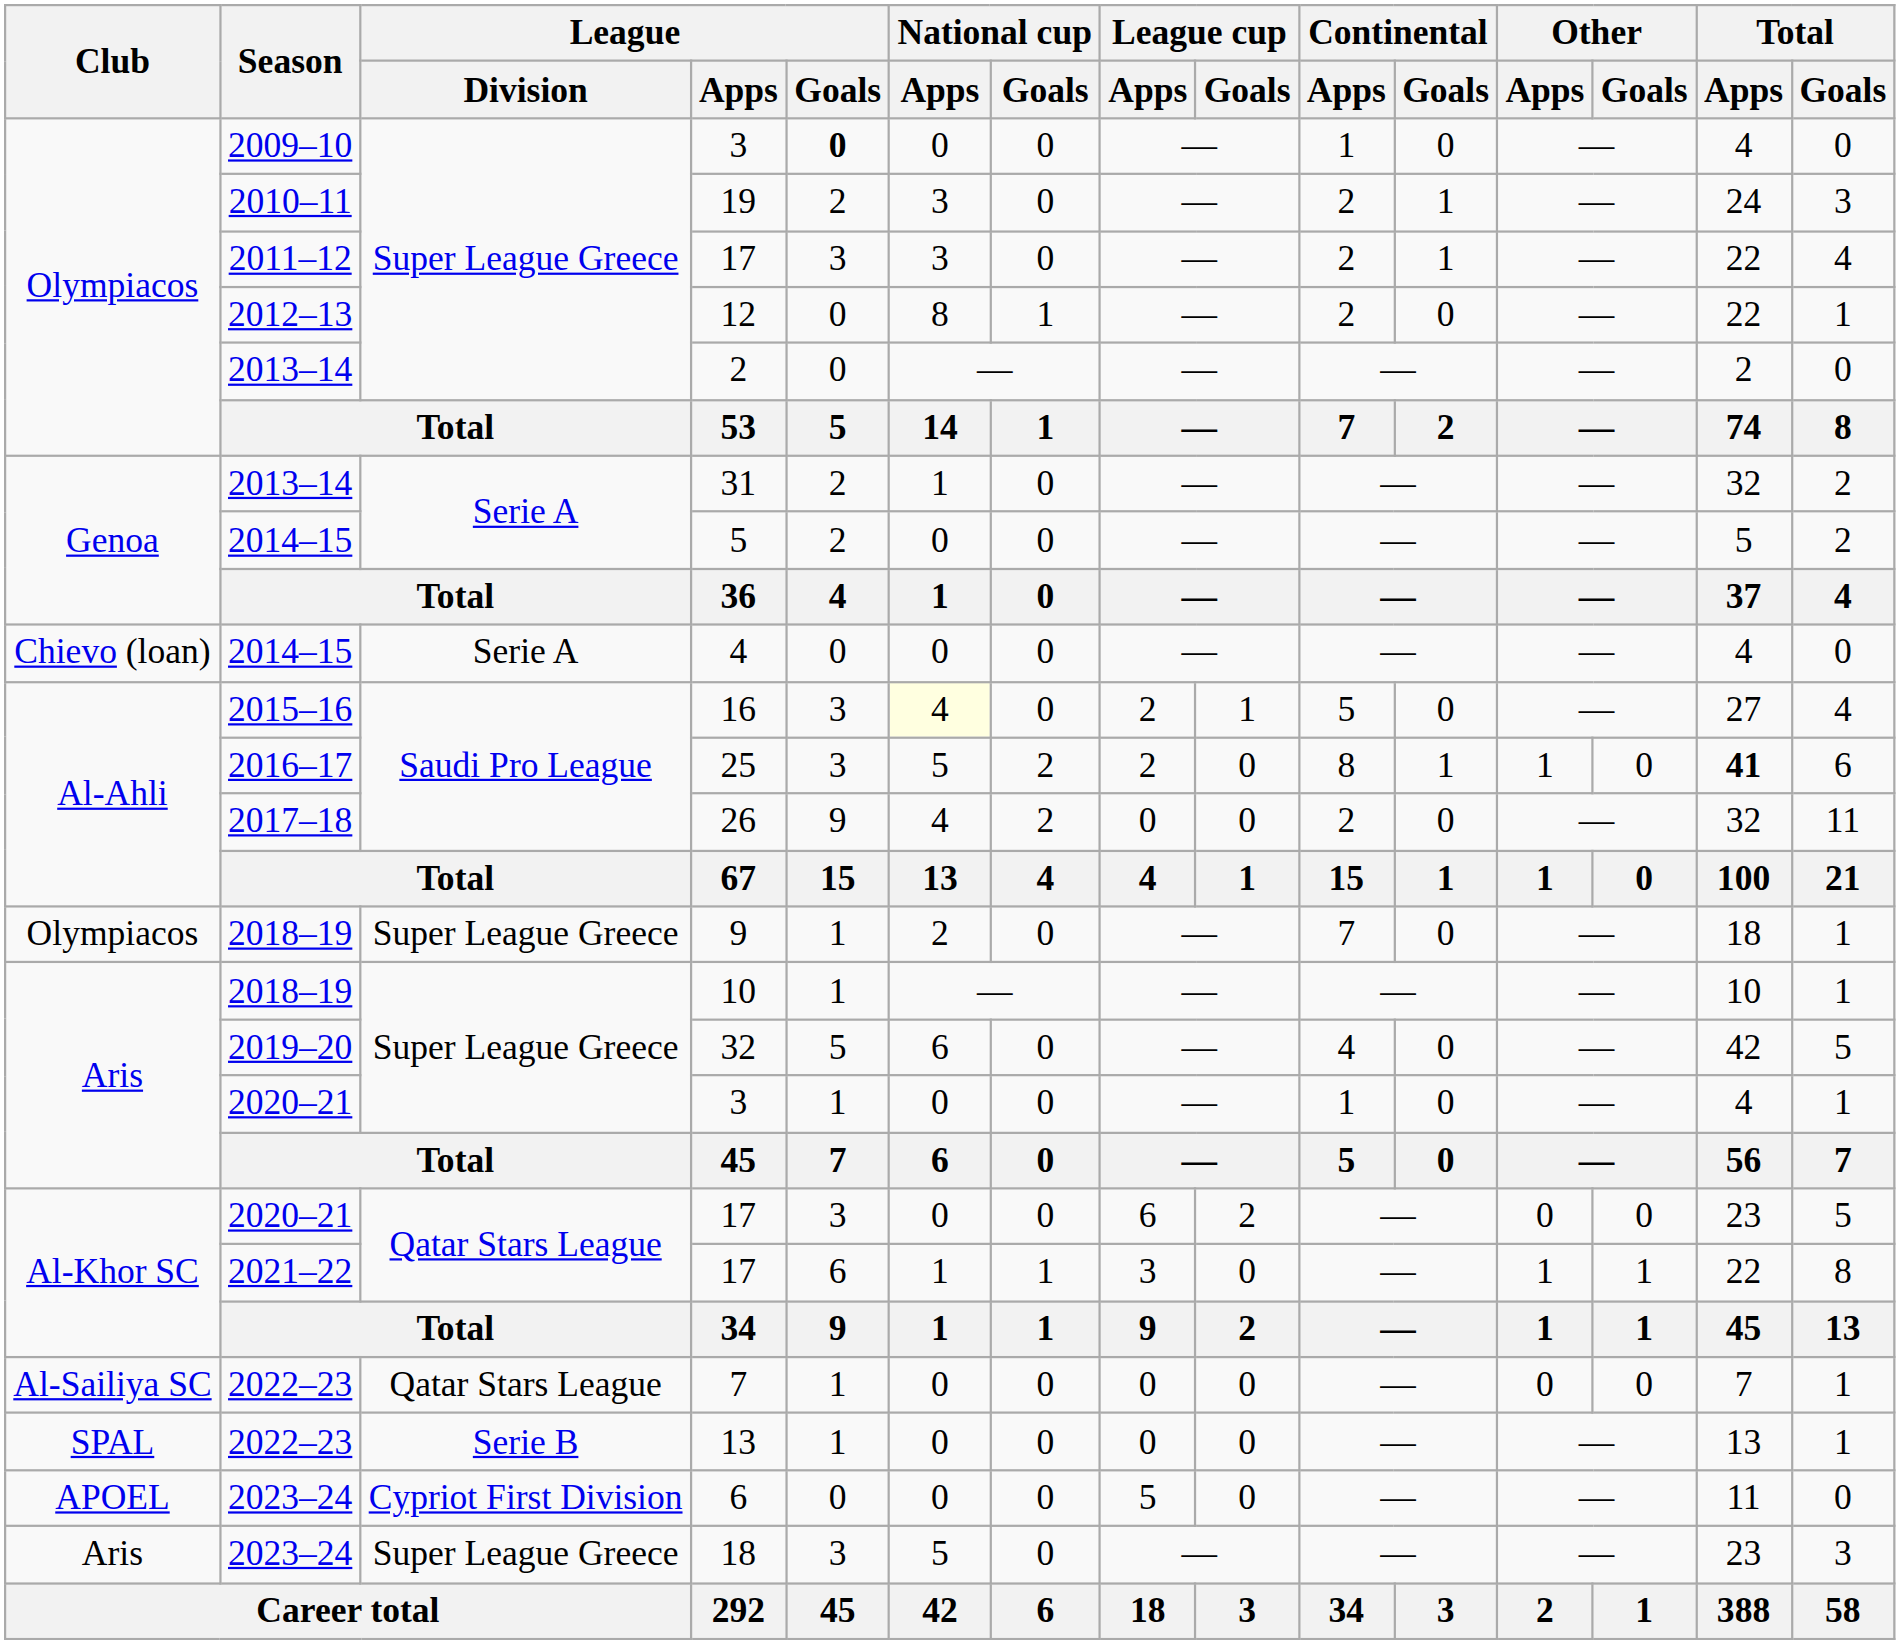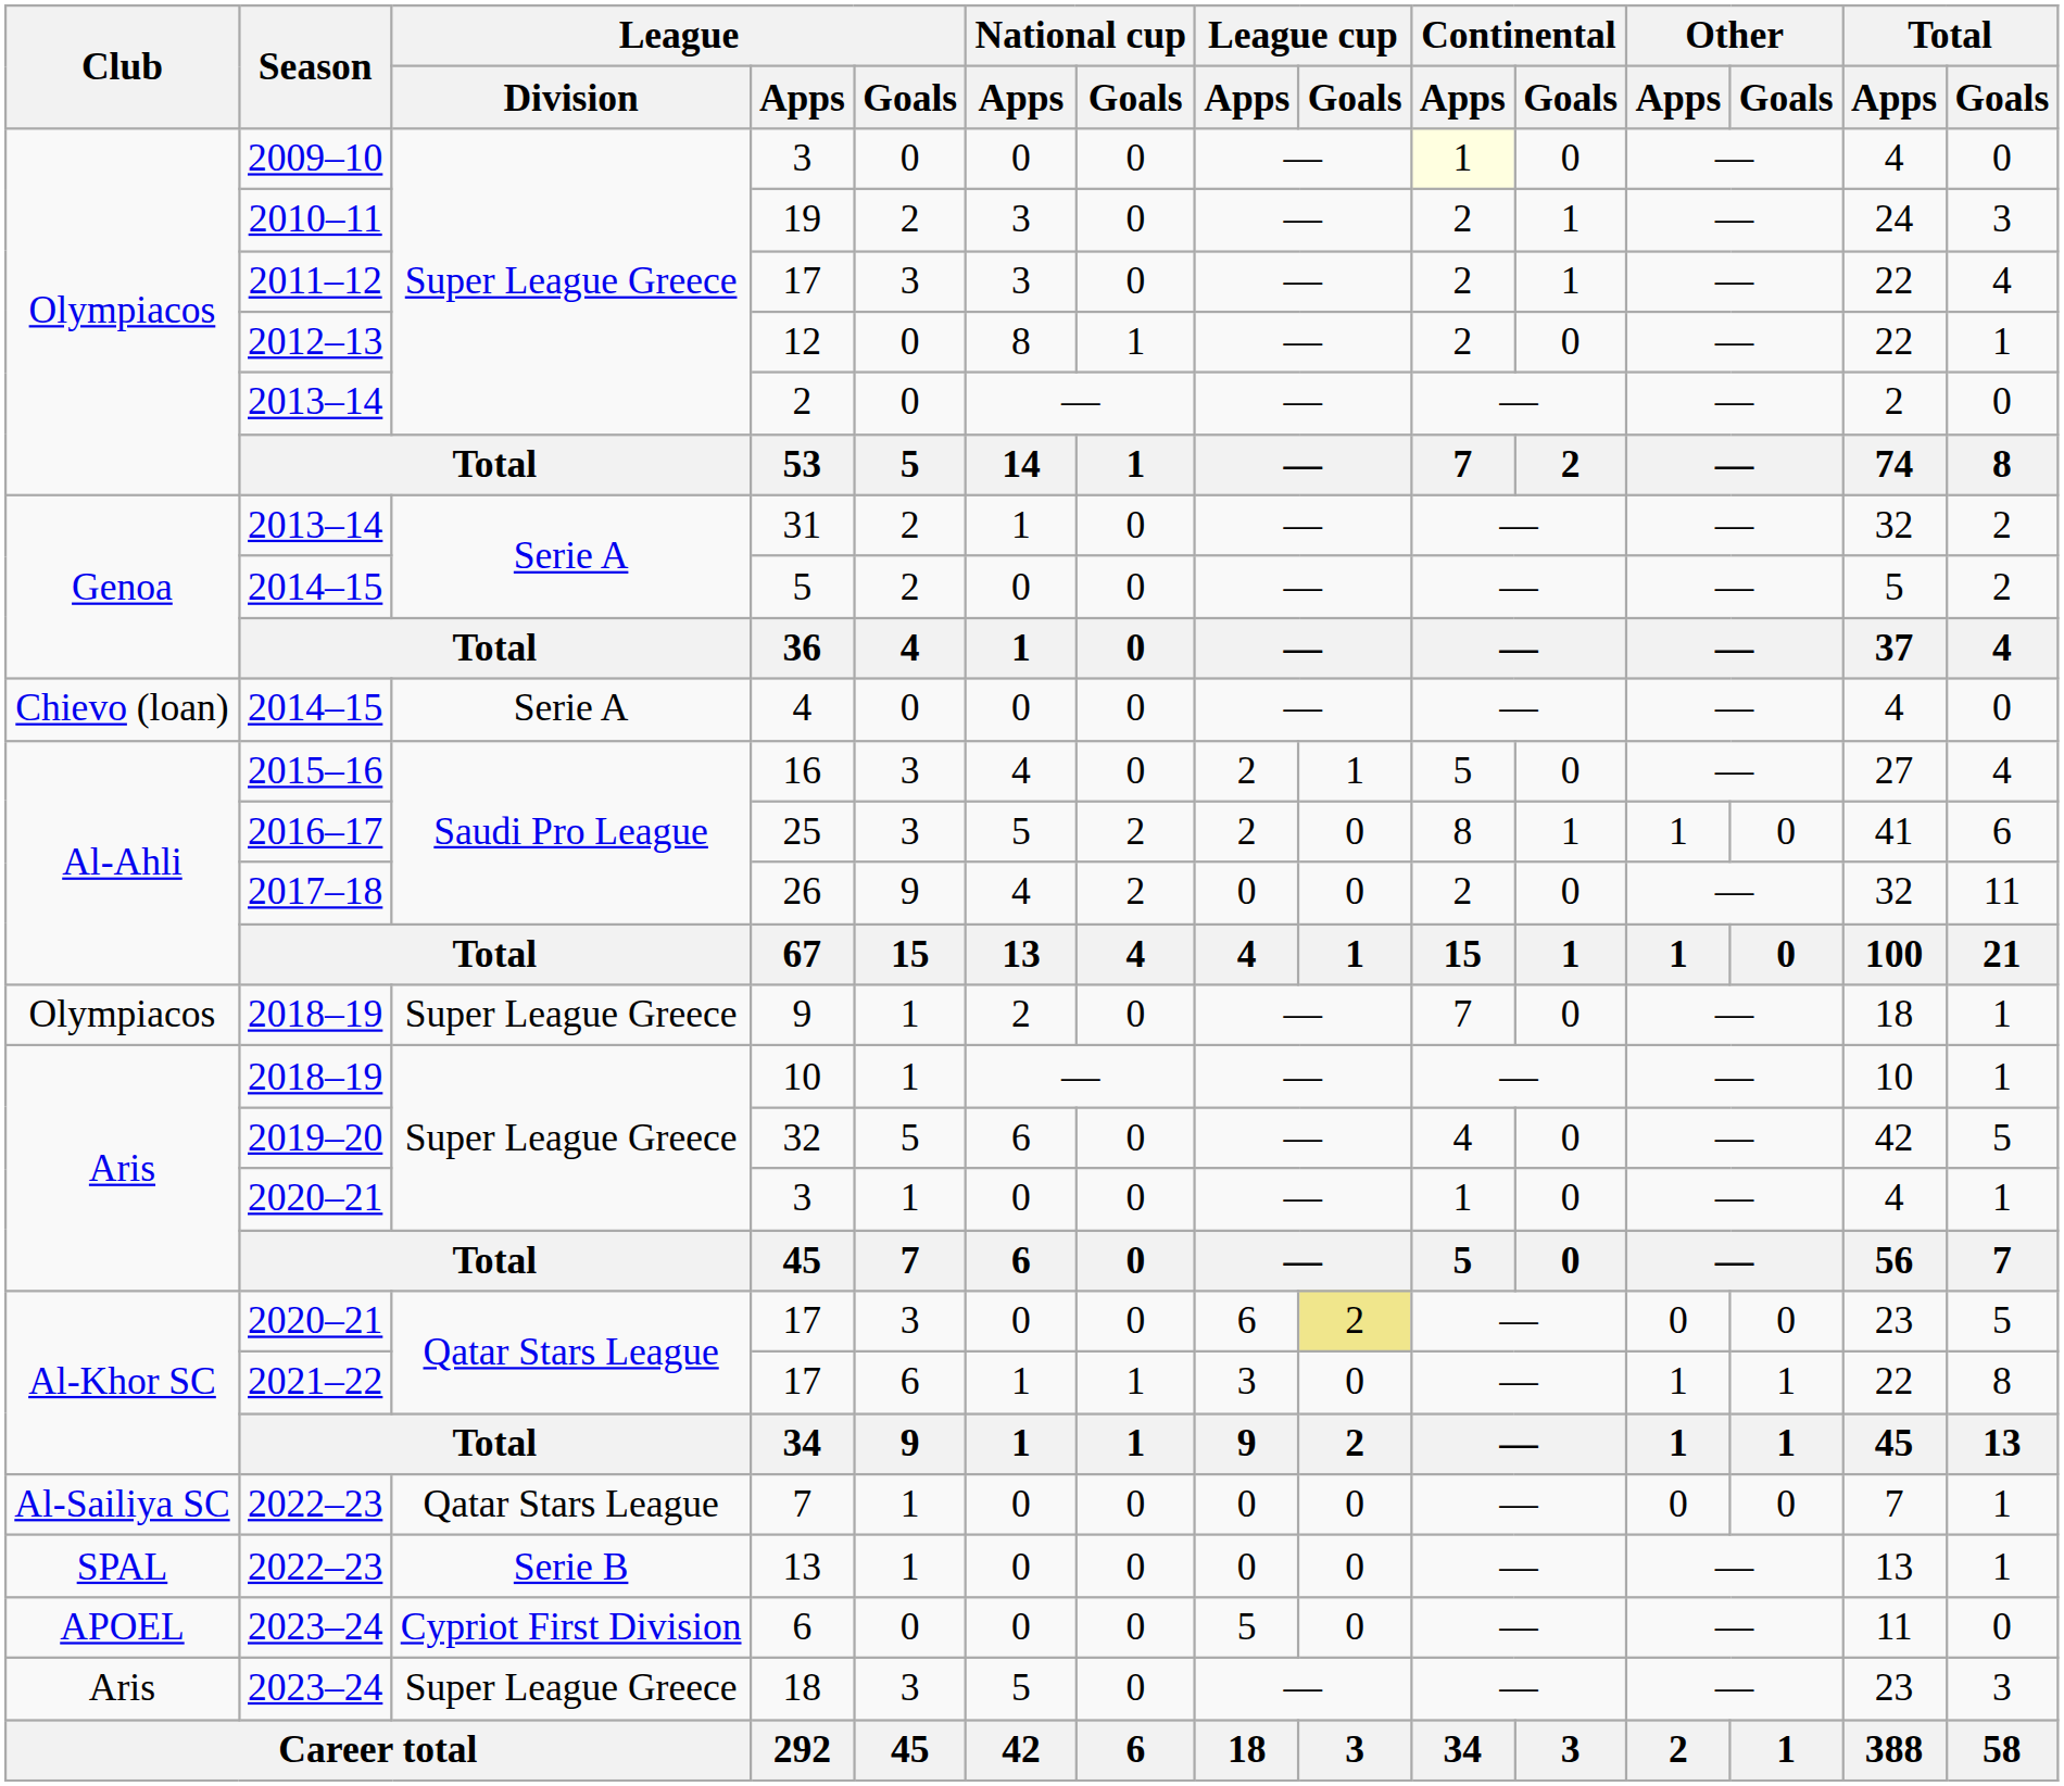 <table class="wikitable" style="text-align:center">
 <tr>
 <th rowspan="2">Club</th>
 <th rowspan="2">Season</th>
 <th colspan="3">League</th>
 <th colspan="2">National cup</th>
 <th colspan="2">League cup</th>
 <th colspan="2">Continental</th>
 <th colspan="2">Other</th>
 <th colspan="2">Total</th>
 </tr>
 <tr>
 <th>Division</th>
 <th>Apps</th>
 <th>Goals</th>
 <th>Apps</th>
 <th>Goals</th>
 <th>Apps</th>
 <th>Goals</th>
 <th>Apps</th>
 <th>Goals</th>
 <th>Apps</th>
 <th>Goals</th>
 <th>Apps</th>
 <th>Goals</th>
 </tr>
 <tr>
 <td rowspan="6"><a href='#'>Olympiacos</a></td>
 <td><a href='#'>2009–10</a></td>
 <td rowspan="5"><a href='#'>Super League Greece</a></td>
 <td>3</td>
-<td><strong>0</strong></td>
+<td>0</td>
 <td>0</td>
 <td>0</td>
 <td colspan="2">—</td>
-<td>1</td>
+<td style="background: lightyellow;">1</td>
 <td>0</td>
 <td colspan="2">—</td>
 <td>4</td>
 <td>0</td>
 </tr>
 <tr>
 <td><a href='#'>2010–11</a></td>
 <td>19</td>
 <td>2</td>
 <td>3</td>
 <td>0</td>
 <td colspan="2">—</td>
 <td>2</td>
 <td>1</td>
 <td colspan="2">—</td>
 <td>24</td>
 <td>3</td>
 </tr>
 <tr>
 <td><a href='#'>2011–12</a></td>
 <td>17</td>
 <td>3</td>
 <td>3</td>
 <td>0</td>
 <td colspan="2">—</td>
 <td>2</td>
 <td>1</td>
 <td colspan="2">—</td>
 <td>22</td>
 <td>4</td>
 </tr>
 <tr>
 <td><a href='#'>2012–13</a></td>
 <td>12</td>
 <td>0</td>
 <td>8</td>
 <td>1</td>
 <td colspan="2">—</td>
 <td>2</td>
 <td>0</td>
 <td colspan="2">—</td>
 <td>22</td>
 <td>1</td>
 </tr>
 <tr>
 <td><a href='#'>2013–14</a></td>
 <td>2</td>
 <td>0</td>
 <td colspan="2">—</td>
 <td colspan="2">—</td>
 <td colspan="2">—</td>
 <td colspan="2">—</td>
 <td>2</td>
 <td>0</td>
 </tr>
 <tr>
 <th colspan="2">Total</th>
 <th>53</th>
 <th>5</th>
 <th>14</th>
 <th>1</th>
 <th colspan="2">—</th>
 <th>7</th>
 <th>2</th>
 <th colspan="2">—</th>
 <th>74</th>
 <th>8</th>
 </tr>
 <tr>
 <td rowspan="3"><a href='#'>Genoa</a></td>
 <td><a href='#'>2013–14</a></td>
 <td rowspan="2"><a href='#'>Serie A</a></td>
 <td>31</td>
 <td>2</td>
 <td>1</td>
 <td>0</td>
 <td colspan="2">—</td>
 <td colspan="2">—</td>
 <td colspan="2">—</td>
 <td>32</td>
 <td>2</td>
 </tr>
 <tr>
 <td><a href='#'>2014–15</a></td>
 <td>5</td>
 <td>2</td>
 <td>0</td>
 <td>0</td>
 <td colspan="2">—</td>
 <td colspan="2">—</td>
 <td colspan="2">—</td>
 <td>5</td>
 <td>2</td>
 </tr>
 <tr>
 <th colspan="2">Total</th>
 <th>36</th>
 <th>4</th>
 <th>1</th>
 <th>0</th>
 <th colspan="2">—</th>
 <th colspan="2">—</th>
 <th colspan="2">—</th>
 <th>37</th>
 <th>4</th>
 </tr>
 <tr>
 <td><a href='#'>Chievo</a> (loan)</td>
 <td><a href='#'>2014–15</a></td>
 <td>Serie A</td>
 <td>4</td>
 <td>0</td>
 <td>0</td>
 <td>0</td>
 <td colspan="2">—</td>
 <td colspan="2">—</td>
 <td colspan="2">—</td>
 <td>4</td>
 <td>0</td>
 </tr>
 <tr>
 <td rowspan="4"><a href='#'>Al-Ahli</a></td>
 <td><a href='#'>2015–16</a></td>
 <td rowspan="3"><a href='#'>Saudi Pro League</a></td>
 <td>16</td>
 <td>3</td>
-<td style="background: lightyellow;">4</td>
+<td>4</td>
 <td>0</td>
 <td>2</td>
 <td>1</td>
 <td>5</td>
 <td>0</td>
 <td colspan="2">—</td>
 <td>27</td>
 <td>4</td>
 </tr>
 <tr>
 <td><a href='#'>2016–17</a></td>
 <td>25</td>
 <td>3</td>
 <td>5</td>
 <td>2</td>
 <td>2</td>
 <td>0</td>
 <td>8</td>
 <td>1</td>
 <td>1</td>
 <td>0</td>
-<td><strong>41</strong></td>
+<td>41</td>
 <td>6</td>
 </tr>
 <tr>
 <td><a href='#'>2017–18</a></td>
 <td>26</td>
 <td>9</td>
 <td>4</td>
 <td>2</td>
 <td>0</td>
 <td>0</td>
 <td>2</td>
 <td>0</td>
 <td colspan="2">—</td>
 <td>32</td>
 <td>11</td>
 </tr>
 <tr>
 <th colspan="2">Total</th>
 <th>67</th>
 <th>15</th>
 <th>13</th>
 <th>4</th>
 <th>4</th>
 <th>1</th>
 <th>15</th>
 <th>1</th>
 <th>1</th>
 <th>0</th>
 <th>100</th>
 <th>21</th>
 </tr>
 <tr>
 <td>Olympiacos</td>
 <td><a href='#'>2018–19</a></td>
 <td>Super League Greece</td>
 <td>9</td>
 <td>1</td>
 <td>2</td>
 <td>0</td>
 <td colspan="2">—</td>
 <td>7</td>
 <td>0</td>
 <td colspan="2">—</td>
 <td>18</td>
 <td>1</td>
 </tr>
 <tr>
 <td rowspan="4"><a href='#'>Aris</a></td>
 <td><a href='#'>2018–19</a></td>
 <td rowspan="3">Super League Greece</td>
 <td>10</td>
 <td>1</td>
 <td colspan="2">—</td>
 <td colspan="2">—</td>
 <td colspan="2">—</td>
 <td colspan="2">—</td>
 <td>10</td>
 <td>1</td>
 </tr>
 <tr>
 <td><a href='#'>2019–20</a></td>
 <td>32</td>
 <td>5</td>
 <td>6</td>
 <td>0</td>
 <td colspan="2">—</td>
 <td>4</td>
 <td>0</td>
 <td colspan="2">—</td>
 <td>42</td>
 <td>5</td>
 </tr>
 <tr>
 <td><a href='#'>2020–21</a></td>
 <td>3</td>
 <td>1</td>
 <td>0</td>
 <td>0</td>
 <td colspan="2">—</td>
 <td>1</td>
 <td>0</td>
 <td colspan="2">—</td>
 <td>4</td>
 <td>1</td>
 </tr>
 <tr>
 <th colspan="2">Total</th>
 <th>45</th>
 <th>7</th>
 <th>6</th>
 <th>0</th>
 <th colspan="2">—</th>
 <th>5</th>
 <th>0</th>
 <th colspan="2">—</th>
 <th>56</th>
 <th>7</th>
 </tr>
 <tr>
 <td rowspan="3"><a href='#'>Al-Khor SC</a></td>
 <td><a href='#'>2020–21</a></td>
 <td rowspan="2"><a href='#'>Qatar Stars League</a></td>
 <td>17</td>
 <td>3</td>
 <td>0</td>
 <td>0</td>
 <td>6</td>
-<td>2</td>
+<td style="background: khaki;">2</td>
 <td colspan="2">—</td>
 <td>0</td>
 <td>0</td>
 <td>23</td>
 <td>5</td>
 </tr>
 <tr>
 <td><a href='#'>2021–22</a></td>
 <td>17</td>
 <td>6</td>
 <td>1</td>
 <td>1</td>
 <td>3</td>
 <td>0</td>
 <td colspan="2">—</td>
 <td>1</td>
 <td>1</td>
 <td>22</td>
 <td>8</td>
 </tr>
 <tr>
 <th colspan="2">Total</th>
 <th>34</th>
 <th>9</th>
 <th>1</th>
 <th>1</th>
 <th>9</th>
 <th>2</th>
 <th colspan="2">—</th>
 <th>1</th>
 <th>1</th>
 <th>45</th>
 <th>13</th>
 </tr>
 <tr>
 <td><a href='#'>Al-Sailiya SC</a></td>
 <td><a href='#'>2022–23</a></td>
 <td>Qatar Stars League</td>
 <td>7</td>
 <td>1</td>
 <td>0</td>
 <td>0</td>
 <td>0</td>
 <td>0</td>
 <td colspan="2">—</td>
 <td>0</td>
 <td>0</td>
 <td>7</td>
 <td>1</td>
 </tr>
 <tr>
 <td><a href='#'>SPAL</a></td>
 <td><a href='#'>2022–23</a></td>
 <td><a href='#'>Serie B</a></td>
 <td>13</td>
 <td>1</td>
 <td>0</td>
 <td>0</td>
 <td>0</td>
 <td>0</td>
 <td colspan="2">—</td>
 <td colspan="2">—</td>
 <td>13</td>
 <td>1</td>
 </tr>
 <tr>
 <td><a href='#'>APOEL</a></td>
 <td><a href='#'>2023–24</a></td>
 <td><a href='#'>Cypriot First Division</a></td>
 <td>6</td>
 <td>0</td>
 <td>0</td>
 <td>0</td>
 <td>5</td>
 <td>0</td>
 <td colspan="2">—</td>
 <td colspan="2">—</td>
 <td>11</td>
 <td>0</td>
 </tr>
 <tr>
 <td>Aris</td>
 <td><a href='#'>2023–24</a></td>
 <td>Super League Greece</td>
 <td>18</td>
 <td>3</td>
 <td>5</td>
 <td>0</td>
 <td colspan="2">—</td>
 <td colspan="2">—</td>
 <td colspan="2">—</td>
 <td>23</td>
 <td>3</td>
 </tr>
 <tr>
 <th colspan="3">Career total</th>
 <th>292</th>
 <th>45</th>
 <th>42</th>
 <th>6</th>
 <th>18</th>
 <th>3</th>
 <th>34</th>
 <th>3</th>
 <th>2</th>
 <th>1</th>
 <th>388</th>
 <th>58</th>
 </tr>
 </table>
